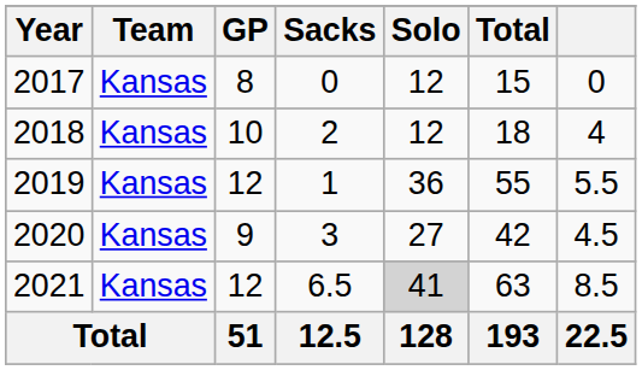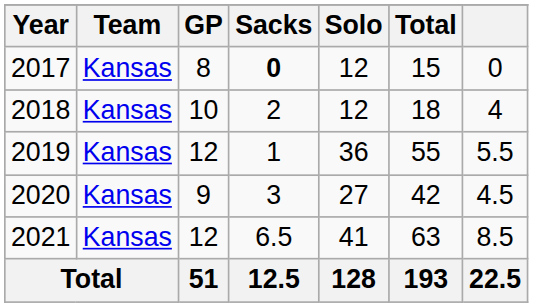 <table class="wikitable" style="text-align:center;">
 <tr>
 </tr>
 <tr>
 <th>Year</th>
 <th>Team</th>
 <th>GP</th>
 <th>Sacks</th>
 <th>Solo</th>
 <th>Total</th>
 <th></th>
 </tr>
 <tr>
 <td>2017</td>
 <td><a href='#'>Kansas</a></td>
 <td>8</td>
-<td>0</td>
+<td><strong>0</strong></td>
 <td>12</td>
 <td>15</td>
 <td>0</td>
 </tr>
 <tr>
 <td>2018</td>
 <td><a href='#'>Kansas</a></td>
 <td>10</td>
 <td>2</td>
 <td>12</td>
 <td>18</td>
 <td>4</td>
 </tr>
 <tr>
 <td>2019</td>
 <td><a href='#'>Kansas</a></td>
 <td>12</td>
 <td>1</td>
 <td>36</td>
 <td>55</td>
 <td>5.5</td>
 </tr>
 <tr>
 <td>2020</td>
 <td><a href='#'>Kansas</a></td>
 <td>9</td>
 <td>3</td>
 <td>27</td>
 <td>42</td>
 <td>4.5</td>
 </tr>
 <tr>
 <td>2021</td>
 <td><a href='#'>Kansas</a></td>
 <td>12</td>
 <td>6.5</td>
-<td style="background: lightgrey;">41</td>
+<td>41</td>
 <td>63</td>
 <td>8.5</td>
 </tr>
 <tr>
 <th colspan="2"><strong>Total</strong></th>
 <th><strong>51</strong></th>
 <th><strong>12.5</strong></th>
 <th><strong>128</strong></th>
 <th><strong>193</strong></th>
 <th><strong>22.5</strong></th>
 </tr>
 </table>
